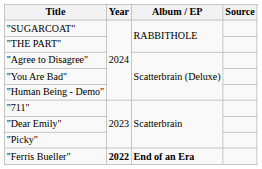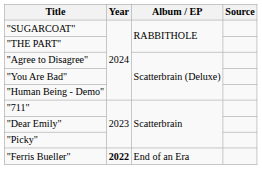 <table class="wikitable">
 <tr>
 <th>Title</th>
 <th>Year</th>
 <th>Album / EP</th>
 <th>Source</th>
 </tr>
 <tr>
 <td>"SUGARCOAT"</td>
 <td rowspan="5">2024</td>
 <td rowspan="2">RABBITHOLE </td>
 <td></td>
 </tr>
 <tr>
 <td>"THE PART"</td>
 <td></td>
 </tr>
 <tr>
 <td>"Agree to Disagree"</td>
 <td rowspan="3">Scatterbrain (Deluxe)</td>
 <td></td>
 </tr>
 <tr>
 <td>"You Are Bad"</td>
 <td></td>
 </tr>
 <tr>
 <td>"Human Being - Demo"</td>
 <td></td>
 </tr>
 <tr>
 <td>"711"</td>
 <td rowspan="3">2023</td>
 <td rowspan="3">Scatterbrain</td>
 <td></td>
 </tr>
 <tr>
 <td>"Dear Emily"</td>
 <td></td>
 </tr>
 <tr>
 <td>"Picky"</td>
 <td></td>
 </tr>
 <tr>
 <td>"Ferris Bueller"</td>
 <td><strong>2022</strong></td>
-<td><strong>End of an Era</strong></td>
+<td>End of an Era</td>
 <td></td>
 </tr>
 </table>
